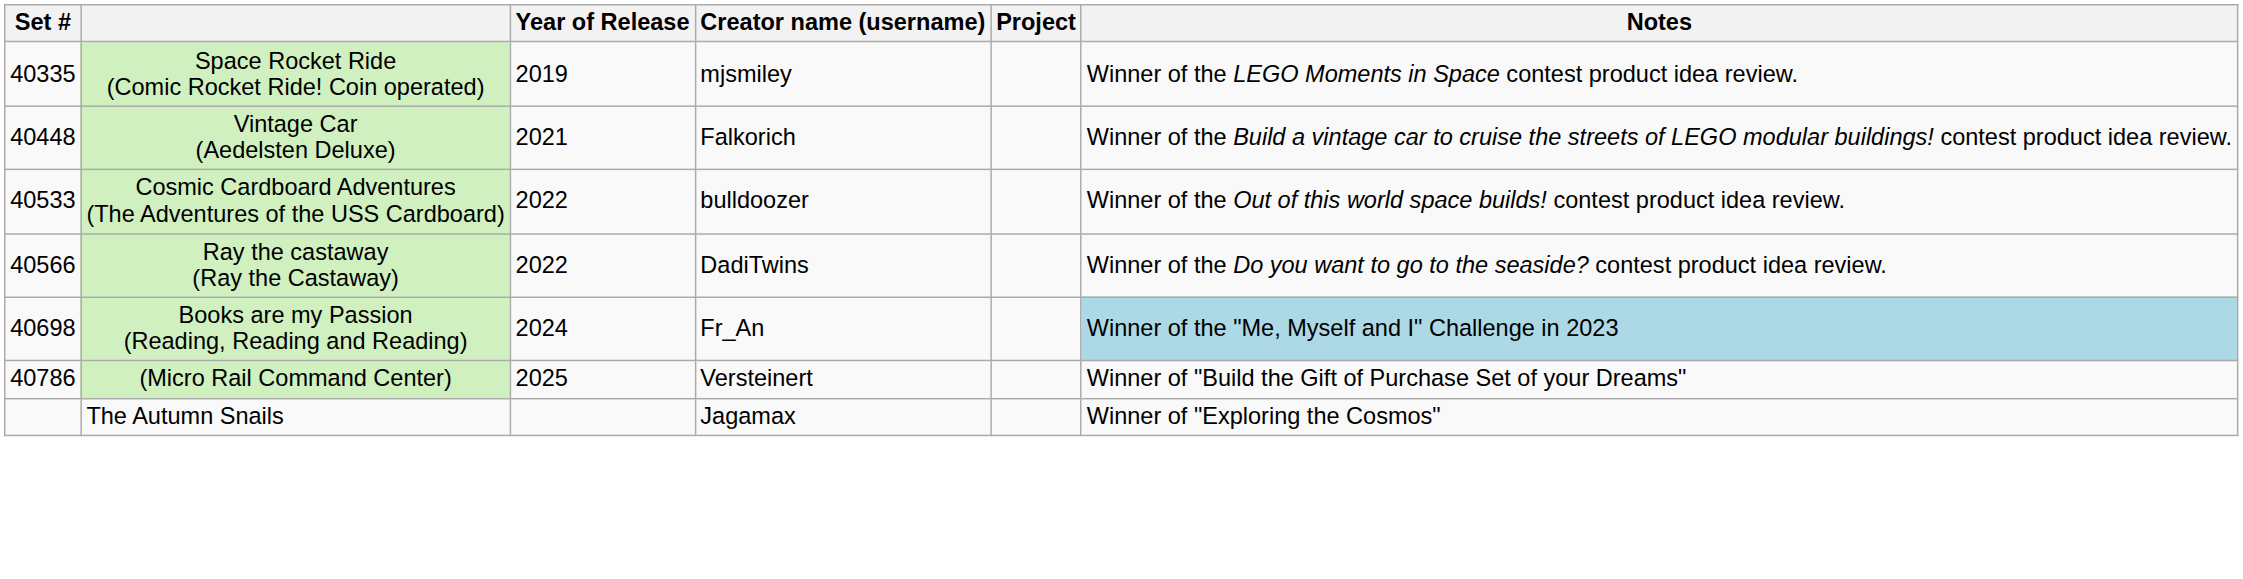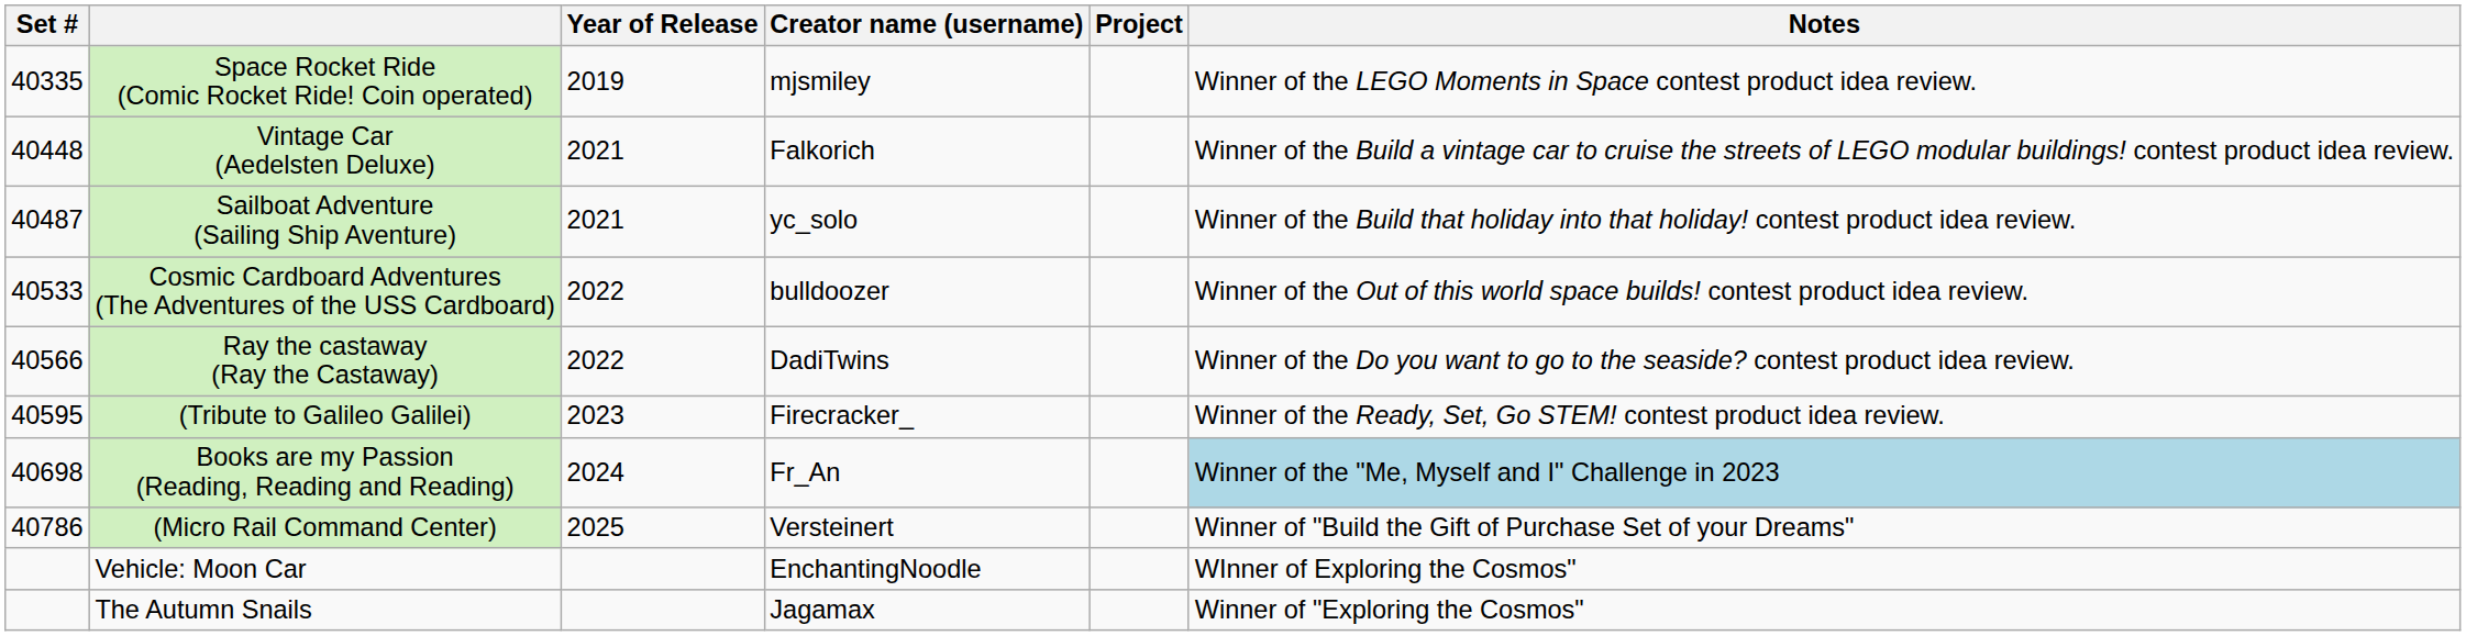 <table class="wikitable sortable">
 <tr>
 <th>Set #</th>
 <th></th>
 <th>Year of Release</th>
 <th>Creator name (username)</th>
 <th>Project</th>
 <th>Notes</th>
 </tr>
 <tr>
 <td>40335</td>
 <td style="background:#d0f0c0; text-align:center;">Space Rocket Ride<br>(Comic Rocket Ride! Coin operated)</td>
 <td>2019</td>
 <td>mjsmiley</td>
 <td></td>
 <td>Winner of the <em>LEGO Moments in Space</em> contest product idea review.</td>
 </tr>
 <tr>
 <td>40448</td>
 <td style="background:#d0f0c0; text-align:center;">Vintage Car<br>(Aedelsten Deluxe)</td>
 <td>2021</td>
 <td>Falkorich</td>
 <td></td>
 <td>Winner of the <em>Build a vintage car to cruise the streets of LEGO modular buildings!</em> contest product idea review.</td>
 </tr>
 <tr>
+<td>40487</td>
+<td style="background:#d0f0c0; text-align:center;">Sailboat Adventure<br>(Sailing Ship Aventure)</td>
+<td>2021</td>
+<td>yc_solo</td>
+<td></td>
+<td>Winner of the <em>Build that holiday into that holiday!</em> contest product idea review.</td>
+</tr>
+<tr>
 <td>40533</td>
 <td style="background:#d0f0c0; text-align:center;">Cosmic Cardboard Adventures<br>(The Adventures of the USS Cardboard)</td>
 <td>2022</td>
 <td>bulldoozer</td>
 <td></td>
 <td>Winner of the <em>Out of this world space builds!</em> contest product idea review.</td>
 </tr>
 <tr>
 <td>40566</td>
 <td style="background:#d0f0c0; text-align:center;">Ray the castaway<br>(Ray the Castaway)</td>
 <td>2022</td>
 <td>DadiTwins</td>
 <td></td>
 <td>Winner of the <em>Do you want to go to the seaside?</em> contest product idea review.</td>
+</tr>
+<tr>
+<td>40595</td>
+<td style="background:#d0f0c0; text-align:center;">(Tribute to Galileo Galilei)</td>
+<td>2023</td>
+<td>Firecracker_</td>
+<td></td>
+<td>Winner of the <em>Ready, Set, Go STEM!</em> contest product idea review.</td>
 </tr>
 <tr>
 <td>40698</td>
 <td style="background:#d0f0c0; text-align:center;">Books are my Passion<br>(Reading, Reading and Reading)</td>
 <td>2024</td>
 <td>Fr_An</td>
 <td></td>
 <td style="background: lightblue;">Winner of the "Me, Myself and I" Challenge in 2023</td>
 </tr>
 <tr>
 <td>40786</td>
 <td style="background:#d0f0c0; text-align:center;">(Micro Rail Command Center)</td>
 <td>2025</td>
 <td>Versteinert</td>
 <td></td>
 <td>Winner of "Build the Gift of Purchase Set of your Dreams"</td>
 </tr>
 <tr>
 <td></td>
+<td>Vehicle: Moon Car</td>
+<td></td>
+<td>EnchantingNoodle</td>
+<td></td>
+<td>WInner of Exploring the Cosmos"</td>
+</tr>
+<tr>
+<td></td>
 <td>The Autumn Snails</td>
 <td></td>
 <td>Jagamax</td>
 <td></td>
 <td>Winner of "Exploring the Cosmos"</td>
 </tr>
 </table>
